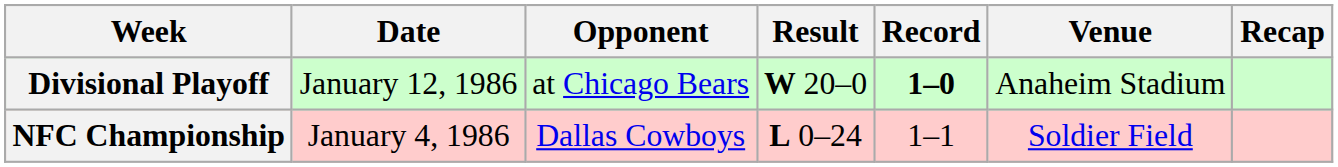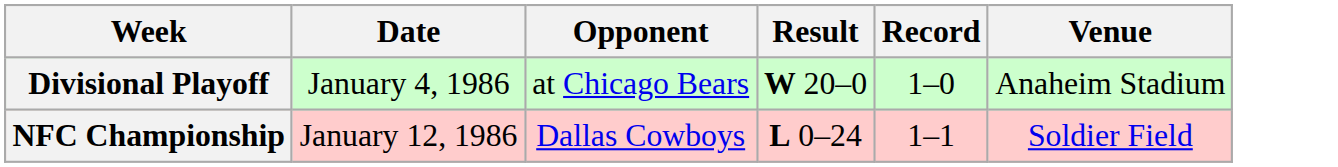 <table class="wikitable" style="font-size: 95%;">
 <tr>
 <th>Week</th>
 <th>Date</th>
 <th>Opponent</th>
 <th>Result</th>
 <th>Record</th>
 <th>Venue</th>
-<th>Recap</th>
 </tr>
 <tr align="center" bgcolor=#cfc>
 <th>Divisional Playoff</th>
-<td>January 12, 1986</td>
+<td>January 4, 1986</td>
 <td>at <a href='#'>Chicago Bears</a></td>
 <td><strong>W</strong>  20–0</td>
-<td><strong>1–0</strong></td>
+<td>1–0</td>
 <td>Anaheim Stadium</td>
-<td></td>
 </tr>
 <tr align="center" bgcolor=#fcc>
 <th>NFC Championship</th>
-<td>January 4, 1986</td>
+<td>January 12, 1986</td>
 <td><a href='#'>Dallas Cowboys</a></td>
 <td><strong>L</strong> 0–24</td>
 <td>1–1</td>
 <td><a href='#'>Soldier Field</a></td>
-<td></td>
 </tr>
 </table>
